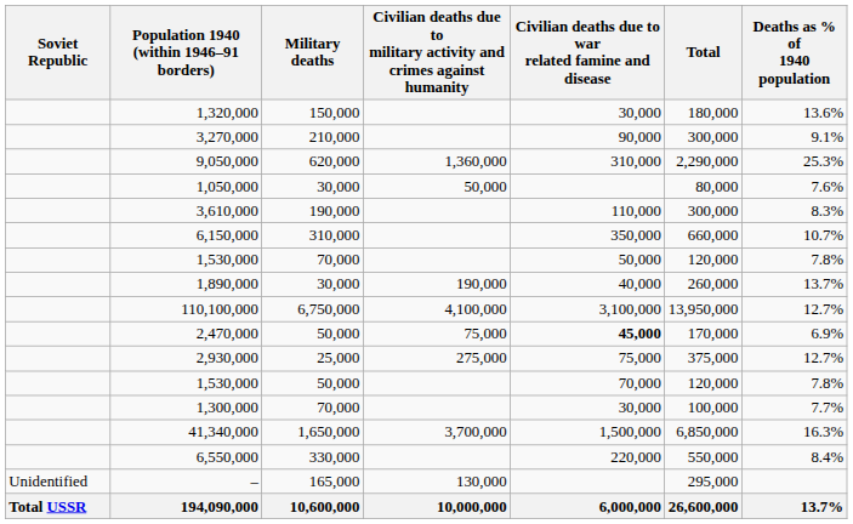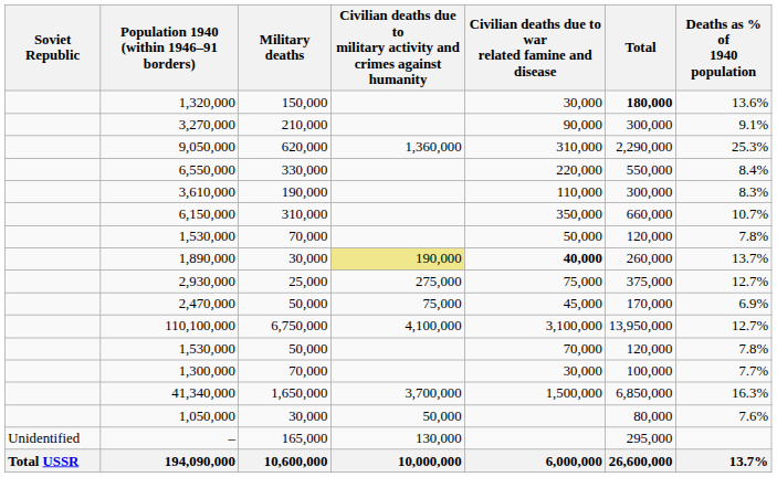 <table class="wikitable sortable" style="text-align:right">
 <tr>
 <th>Soviet Republic</th>
 <th>Population 1940<br>(within 1946–91 borders)</th>
 <th>Military deaths</th>
 <th>Civilian deaths due to<br>military activity and<br>crimes against humanity</th>
 <th>Civilian deaths due to war<br>related famine and disease</th>
 <th>Total</th>
 <th>Deaths as % of<br>1940 population</th>
 </tr>
 <tr>
 <td style="text-align:left"></td>
 <td>1,320,000</td>
 <td>150,000</td>
 <td></td>
 <td>30,000</td>
-<td>180,000</td>
+<td><strong>180,000</strong></td>
 <td>13.6%</td>
 </tr>
 <tr>
 <td style="text-align:left"></td>
 <td>3,270,000</td>
 <td>210,000</td>
 <td></td>
 <td>90,000</td>
 <td>300,000</td>
 <td>9.1%</td>
 </tr>
 <tr>
 <td style="text-align:left"></td>
 <td>9,050,000</td>
 <td>620,000</td>
 <td>1,360,000</td>
 <td>310,000</td>
 <td>2,290,000</td>
 <td>25.3%</td>
 </tr>
 <tr>
 <td style="text-align:left"></td>
-<td>1,050,000</td>
-<td>30,000</td>
-<td>50,000</td>
+<td>6,550,000</td>
+<td>330,000</td>
 <td></td>
-<td>80,000</td>
-<td>7.6%</td>
+<td>220,000</td>
+<td>550,000</td>
+<td>8.4%</td>
 </tr>
 <tr>
 <td style="text-align:left"></td>
 <td>3,610,000</td>
 <td>190,000</td>
 <td></td>
 <td>110,000</td>
 <td>300,000</td>
 <td>8.3%</td>
 </tr>
 <tr>
 <td style="text-align:left"></td>
 <td>6,150,000</td>
 <td>310,000</td>
 <td></td>
 <td>350,000</td>
 <td>660,000</td>
 <td>10.7%</td>
 </tr>
 <tr>
 <td style="text-align:left"></td>
 <td>1,530,000</td>
 <td>70,000</td>
 <td></td>
 <td>50,000</td>
 <td>120,000</td>
 <td>7.8%</td>
 </tr>
 <tr>
 <td style="text-align:left"></td>
 <td>1,890,000</td>
 <td>30,000</td>
-<td>190,000</td>
-<td>40,000</td>
+<td style="background: khaki;">190,000</td>
+<td><strong>40,000</strong></td>
 <td>260,000</td>
 <td>13.7%</td>
+</tr>
+<tr>
+<td style="text-align:left"></td>
+<td>2,930,000</td>
+<td>25,000</td>
+<td>275,000</td>
+<td>75,000</td>
+<td>375,000</td>
+<td>12.7%</td>
+</tr>
+<tr>
+<td style="text-align:left"></td>
+<td>2,470,000</td>
+<td>50,000</td>
+<td>75,000</td>
+<td>45,000</td>
+<td>170,000</td>
+<td>6.9%</td>
 </tr>
 <tr>
 <td style="text-align:left"></td>
 <td>110,100,000</td>
 <td>6,750,000</td>
 <td>4,100,000</td>
 <td>3,100,000</td>
 <td>13,950,000</td>
-<td>12.7%</td>
-</tr>
-<tr>
-<td style="text-align:left"></td>
-<td>2,470,000</td>
-<td>50,000</td>
-<td>75,000</td>
-<td><strong>45,000</strong></td>
-<td>170,000</td>
-<td>6.9%</td>
-</tr>
-<tr>
-<td style="text-align:left"></td>
-<td>2,930,000</td>
-<td>25,000</td>
-<td>275,000</td>
-<td>75,000</td>
-<td>375,000</td>
 <td>12.7%</td>
 </tr>
 <tr>
 <td style="text-align:left"></td>
 <td>1,530,000</td>
 <td>50,000</td>
 <td></td>
 <td>70,000</td>
 <td>120,000</td>
 <td>7.8%</td>
 </tr>
 <tr>
 <td style="text-align:left"></td>
 <td>1,300,000</td>
 <td>70,000</td>
 <td></td>
 <td>30,000</td>
 <td>100,000</td>
 <td>7.7%</td>
 </tr>
 <tr>
 <td style="text-align:left"></td>
 <td>41,340,000</td>
 <td>1,650,000</td>
 <td>3,700,000</td>
 <td>1,500,000</td>
 <td>6,850,000</td>
 <td>16.3%</td>
 </tr>
 <tr>
 <td style="text-align:left"></td>
-<td>6,550,000</td>
-<td>330,000</td>
+<td>1,050,000</td>
+<td>30,000</td>
+<td>50,000</td>
 <td></td>
-<td>220,000</td>
-<td>550,000</td>
-<td>8.4%</td>
+<td>80,000</td>
+<td>7.6%</td>
 </tr>
 <tr>
 <td style="text-align:left">Unidentified</td>
 <td>–</td>
 <td>165,000</td>
 <td>130,000</td>
 <td></td>
 <td>295,000</td>
 <td></td>
 </tr>
 <tr class="sortbottom">
 <th style="text-align:left">Total <a href='#'>USSR</a></th>
 <th style="text-align:right">194,090,000</th>
 <th style="text-align:right">10,600,000</th>
 <th style="text-align:right">10,000,000</th>
 <th style="text-align:right">6,000,000</th>
 <th style="text-align:right">26,600,000</th>
 <th style="text-align:right">13.7%</th>
 </tr>
 </table>
